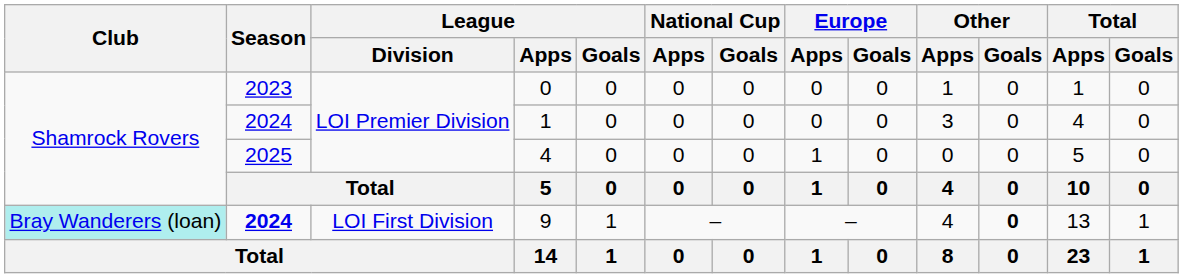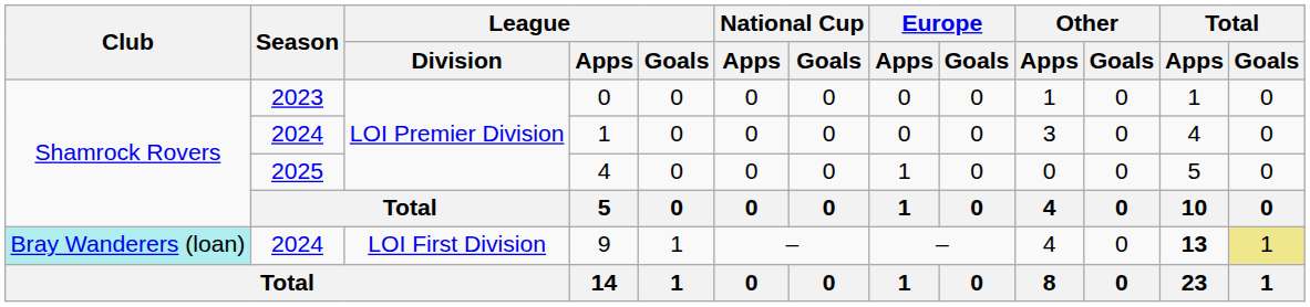 <table class=wikitable style="text-align: center">
 <tr>
 <th rowspan=2>Club</th>
 <th rowspan=2>Season</th>
 <th colspan=3>League</th>
 <th colspan=2>National Cup</th>
 <th colspan=2><a href='#'>Europe</a></th>
 <th colspan=2>Other</th>
 <th colspan=2>Total</th>
 </tr>
 <tr>
 <th>Division</th>
 <th>Apps</th>
 <th>Goals</th>
 <th>Apps</th>
 <th>Goals</th>
 <th>Apps</th>
 <th>Goals</th>
 <th>Apps</th>
 <th>Goals</th>
 <th>Apps</th>
 <th>Goals</th>
 </tr>
 <tr>
 <td rowspan="4"><a href='#'>Shamrock Rovers</a></td>
 <td><a href='#'>2023</a></td>
 <td rowspan="3"><a href='#'>LOI Premier Division</a></td>
 <td>0</td>
 <td>0</td>
 <td>0</td>
 <td>0</td>
 <td>0</td>
 <td>0</td>
 <td>1</td>
 <td>0</td>
 <td>1</td>
 <td>0</td>
 </tr>
 <tr>
 <td><a href='#'>2024</a></td>
 <td>1</td>
 <td>0</td>
 <td>0</td>
 <td>0</td>
 <td>0</td>
 <td>0</td>
 <td>3</td>
 <td>0</td>
 <td>4</td>
 <td>0</td>
 </tr>
 <tr>
 <td><a href='#'>2025</a></td>
 <td>4</td>
 <td>0</td>
 <td>0</td>
 <td>0</td>
 <td>1</td>
 <td>0</td>
 <td>0</td>
 <td>0</td>
 <td>5</td>
 <td>0</td>
 </tr>
 <tr>
 <th colspan="2">Total</th>
 <th>5</th>
 <th>0</th>
 <th>0</th>
 <th>0</th>
 <th>1</th>
 <th>0</th>
 <th>4</th>
 <th>0</th>
 <th>10</th>
 <th>0</th>
 </tr>
 <tr>
 <td style="background: paleturquoise;"><a href='#'>Bray Wanderers</a> (loan)</td>
-<td><strong><a href='#'>2024</a></strong></td>
+<td><a href='#'>2024</a></td>
 <td><a href='#'>LOI First Division</a></td>
 <td>9</td>
 <td>1</td>
 <td colspan="2">–</td>
 <td colspan="2">–</td>
 <td>4</td>
-<td><strong>0</strong></td>
-<td>13</td>
-<td>1</td>
+<td>0</td>
+<td><strong>13</strong></td>
+<td style="background: khaki;">1</td>
 </tr>
 <tr>
 <th colspan="3">Total</th>
 <th>14</th>
 <th>1</th>
 <th>0</th>
 <th>0</th>
 <th>1</th>
 <th>0</th>
 <th>8</th>
 <th>0</th>
 <th>23</th>
 <th>1</th>
 </tr>
 </table>
